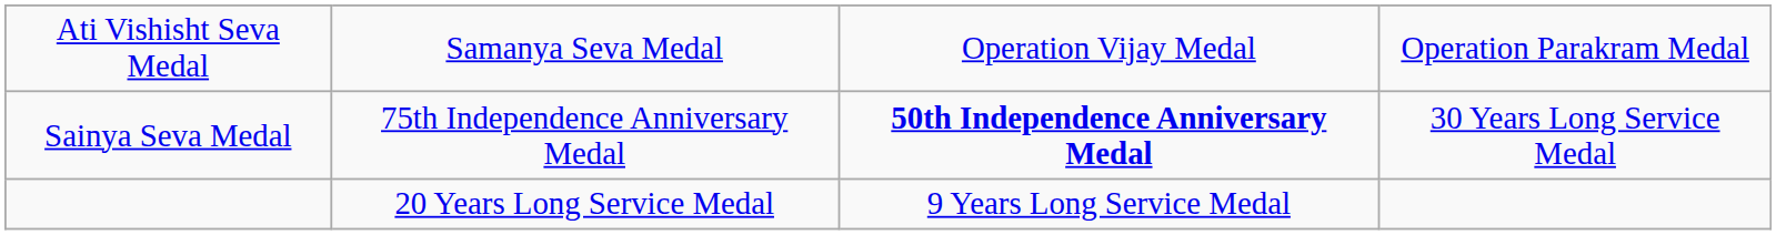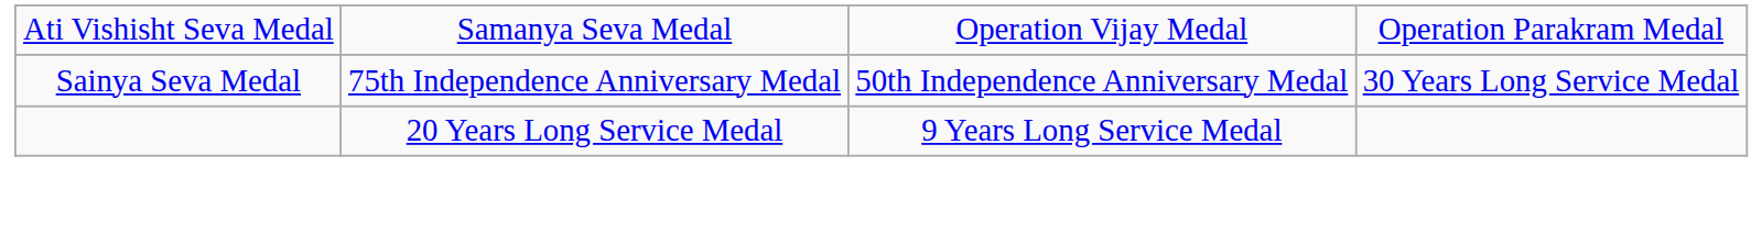 <table class="wikitable" style="margin:1em auto; text-align:center;">
 <tr>
 <td><a href='#'>Ati Vishisht Seva Medal</a></td>
 <td><a href='#'>Samanya Seva Medal</a></td>
 <td><a href='#'>Operation Vijay Medal</a></td>
 <td><a href='#'>Operation Parakram Medal</a></td>
 </tr>
 <tr>
 <td><a href='#'>Sainya Seva Medal</a></td>
 <td><a href='#'>75th Independence Anniversary Medal</a></td>
-<td><strong><a href='#'>50th Independence Anniversary Medal</a></strong></td>
+<td><a href='#'>50th Independence Anniversary Medal</a></td>
 <td><a href='#'>30 Years Long Service Medal</a></td>
 </tr>
 <tr>
 <td></td>
 <td><a href='#'>20 Years Long Service Medal</a></td>
 <td><a href='#'>9 Years Long Service Medal</a></td>
 <td></td>
 </tr>
 </table>
